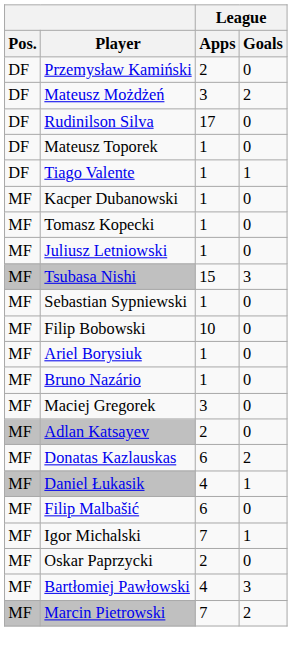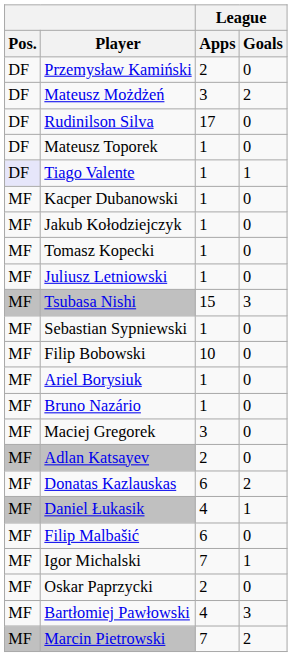 <table class="wikitable" style="display: inline-table;">
 <tr>
 <th colspan="2"></th>
 <th colspan="2">League</th>
 </tr>
 <tr>
 <th>Pos.</th>
 <th>Player</th>
 <th>Apps</th>
 <th>Goals</th>
 </tr>
 <tr>
 <td>DF</td>
 <td><a href='#'>Przemysław Kamiński</a></td>
 <td>2</td>
 <td>0</td>
 </tr>
 <tr>
 <td>DF</td>
 <td><a href='#'>Mateusz Możdżeń</a></td>
 <td>3</td>
 <td>2</td>
 </tr>
 <tr>
 <td>DF</td>
 <td><a href='#'>Rudinilson Silva</a></td>
 <td>17</td>
 <td>0</td>
 </tr>
 <tr>
 <td>DF</td>
 <td>Mateusz Toporek</td>
 <td>1</td>
 <td>0</td>
 </tr>
 <tr>
-<td>DF</td>
+<td style="background: lavender;">DF</td>
 <td><a href='#'>Tiago Valente</a></td>
 <td>1</td>
 <td>1</td>
 </tr>
 <tr>
 <td>MF</td>
 <td>Kacper Dubanowski</td>
+<td>1</td>
+<td>0</td>
+</tr>
+<tr>
+<td>MF</td>
+<td>Jakub Kołodziejczyk</td>
 <td>1</td>
 <td>0</td>
 </tr>
 <tr>
 <td>MF</td>
 <td>Tomasz Kopecki</td>
 <td>1</td>
 <td>0</td>
 </tr>
 <tr>
 <td>MF</td>
 <td><a href='#'>Juliusz Letniowski</a></td>
 <td>1</td>
 <td>0</td>
 </tr>
 <tr>
 <td bgcolor=silver >MF</td>
 <td bgcolor=silver ><a href='#'>Tsubasa Nishi</a></td>
 <td>15</td>
 <td>3</td>
 </tr>
 <tr>
 <td>MF</td>
 <td>Sebastian Sypniewski</td>
 <td>1</td>
 <td>0</td>
 </tr>
 <tr>
 <td>MF</td>
 <td>Filip Bobowski</td>
 <td>10</td>
 <td>0</td>
 </tr>
 <tr>
 <td>MF</td>
 <td><a href='#'>Ariel Borysiuk</a></td>
 <td>1</td>
 <td>0</td>
 </tr>
 <tr>
 <td>MF</td>
 <td><a href='#'>Bruno Nazário</a></td>
 <td>1</td>
 <td>0</td>
 </tr>
 <tr>
 <td>MF</td>
 <td>Maciej Gregorek</td>
 <td>3</td>
 <td>0</td>
 </tr>
 <tr>
 <td bgcolor=silver >MF</td>
 <td bgcolor=silver ><a href='#'>Adlan Katsayev</a></td>
 <td>2</td>
 <td>0</td>
 </tr>
 <tr>
 <td>MF</td>
 <td><a href='#'>Donatas Kazlauskas</a></td>
 <td>6</td>
 <td>2</td>
 </tr>
 <tr>
 <td bgcolor=silver >MF</td>
 <td bgcolor=silver ><a href='#'>Daniel Łukasik</a></td>
 <td>4</td>
 <td>1</td>
 </tr>
 <tr>
 <td>MF</td>
 <td><a href='#'>Filip Malbašić</a></td>
 <td>6</td>
 <td>0</td>
 </tr>
 <tr>
 <td>MF</td>
 <td>Igor Michalski</td>
 <td>7</td>
 <td>1</td>
 </tr>
 <tr>
 <td>MF</td>
 <td>Oskar Paprzycki</td>
 <td>2</td>
 <td>0</td>
 </tr>
 <tr>
 <td>MF</td>
 <td><a href='#'>Bartłomiej Pawłowski</a></td>
 <td>4</td>
 <td>3</td>
 </tr>
 <tr>
 <td bgcolor=silver >MF</td>
 <td bgcolor=silver ><a href='#'>Marcin Pietrowski</a></td>
 <td>7</td>
 <td>2</td>
 </tr>
 </table>
